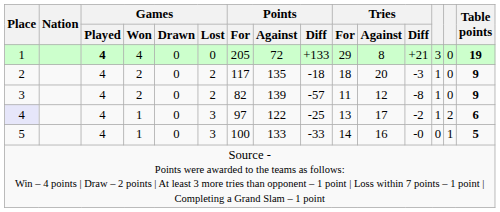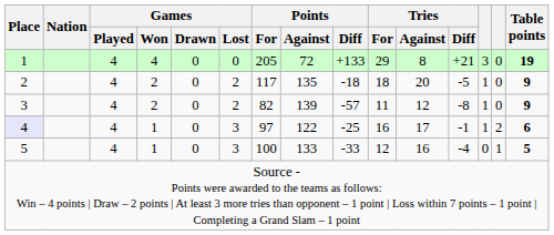 <table class="wikitable" style="text-align:center">
 <tr>
 <th rowspan="2">Place</th>
 <th rowspan="2">Nation</th>
 <th colspan="4">Games</th>
 <th colspan="3">Points</th>
 <th colspan="3">Tries</th>
 <th rowspan="2"></th>
 <th rowspan="2"></th>
 <th rowspan="2">Table<br>points</th>
 </tr>
 <tr>
 <th>Played</th>
 <th>Won</th>
 <th>Drawn</th>
 <th>Lost</th>
 <th>For</th>
 <th>Against</th>
 <th>Diff</th>
 <th>For</th>
 <th>Against</th>
 <th>Diff</th>
 </tr>
 <tr bgcolor="#ccffcc">
 <td>1</td>
 <td style="text-align:left"></td>
-<td><strong>4</strong></td>
+<td>4</td>
 <td>4</td>
 <td>0</td>
 <td>0</td>
 <td>205</td>
 <td>72</td>
 <td>+133</td>
 <td>29</td>
 <td>8</td>
 <td>+21</td>
 <td>3</td>
 <td>0</td>
 <td><strong>19</strong></td>
 </tr>
 <tr>
 <td>2</td>
 <td style="text-align:left"></td>
 <td>4</td>
 <td>2</td>
 <td>0</td>
 <td>2</td>
 <td>117</td>
 <td>135</td>
 <td>-18</td>
 <td>18</td>
 <td>20</td>
-<td>-3</td>
+<td>-5</td>
 <td>1</td>
 <td>0</td>
 <td><strong>9</strong></td>
 </tr>
 <tr>
 <td>3</td>
 <td style="text-align:left"></td>
 <td>4</td>
 <td>2</td>
 <td>0</td>
 <td>2</td>
 <td>82</td>
 <td>139</td>
 <td>-57</td>
 <td>11</td>
 <td>12</td>
 <td>-8</td>
 <td>1</td>
 <td>0</td>
 <td><strong>9</strong></td>
 </tr>
 <tr>
 <td style="background: lavender;">4</td>
 <td style="text-align:left"></td>
 <td>4</td>
 <td>1</td>
 <td>0</td>
 <td>3</td>
 <td>97</td>
 <td>122</td>
 <td>-25</td>
-<td>13</td>
+<td>16</td>
 <td>17</td>
-<td>-2</td>
+<td>-1</td>
 <td>1</td>
 <td>2</td>
 <td><strong>6</strong></td>
 </tr>
 <tr>
 <td>5</td>
 <td style="text-align:left"></td>
 <td>4</td>
 <td>1</td>
 <td>0</td>
 <td>3</td>
 <td>100</td>
 <td>133</td>
 <td>-33</td>
-<td>14</td>
+<td>12</td>
 <td>16</td>
-<td>-0</td>
+<td>-4</td>
 <td>0</td>
 <td>1</td>
 <td><strong>5</strong></td>
 </tr>
 <tr>
 <td colspan="100%" style="text-align:center">Source - <br><small>Points were awarded to the teams as follows:<br>Win – 4 points | Draw – 2 points | At least 3 more tries than opponent – 1 point | Loss within 7 points – 1 point | Completing a Grand Slam – 1 point</small></td>
 </tr>
 </table>
